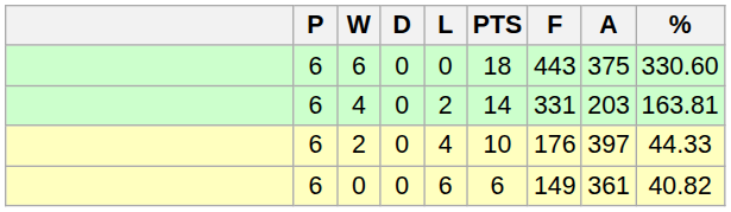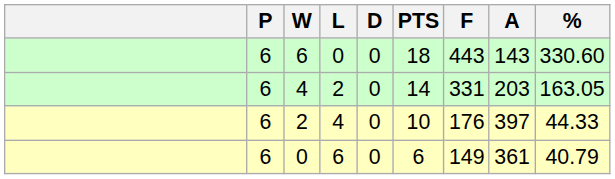 <table class=wikitable style="text-align:center">
 <tr>
 <th width=175></th>
 <th width=20>P</th>
 <th width=20>W</th>
+<th width=20>L</th>
 <th width=20>D</th>
-<th width=20>L</th>
 <th width=20>PTS</th>
 <th width=20>F</th>
 <th width=20>A</th>
 <th width=20>%</th>
 </tr>
 <tr style="background-color:#ccffcc;">
 <td style="text-align:left;"></td>
 <td>6</td>
 <td>6</td>
 <td>0</td>
 <td>0</td>
 <td>18</td>
 <td>443</td>
-<td>375</td>
+<td>143</td>
 <td>330.60</td>
 </tr>
 <tr style="background-color:#ccffcc;">
 <td style="text-align:left;"></td>
 <td>6</td>
 <td>4</td>
+<td>2</td>
 <td>0</td>
-<td>2</td>
 <td>14</td>
 <td>331</td>
 <td>203</td>
-<td>163.81</td>
+<td>163.05</td>
 </tr>
 <tr style="background:#FFFFBF;">
 <td style="text-align:left;"></td>
 <td>6</td>
 <td>2</td>
+<td>4</td>
 <td>0</td>
-<td>4</td>
 <td>10</td>
 <td>176</td>
 <td>397</td>
 <td>44.33</td>
 </tr>
 <tr style="background:#FFFFBF;">
 <td style="text-align:left;"></td>
 <td>6</td>
 <td>0</td>
+<td>6</td>
 <td>0</td>
-<td>6</td>
 <td>6</td>
 <td>149</td>
 <td>361</td>
-<td>40.82</td>
+<td>40.79</td>
 </tr>
 </table>
